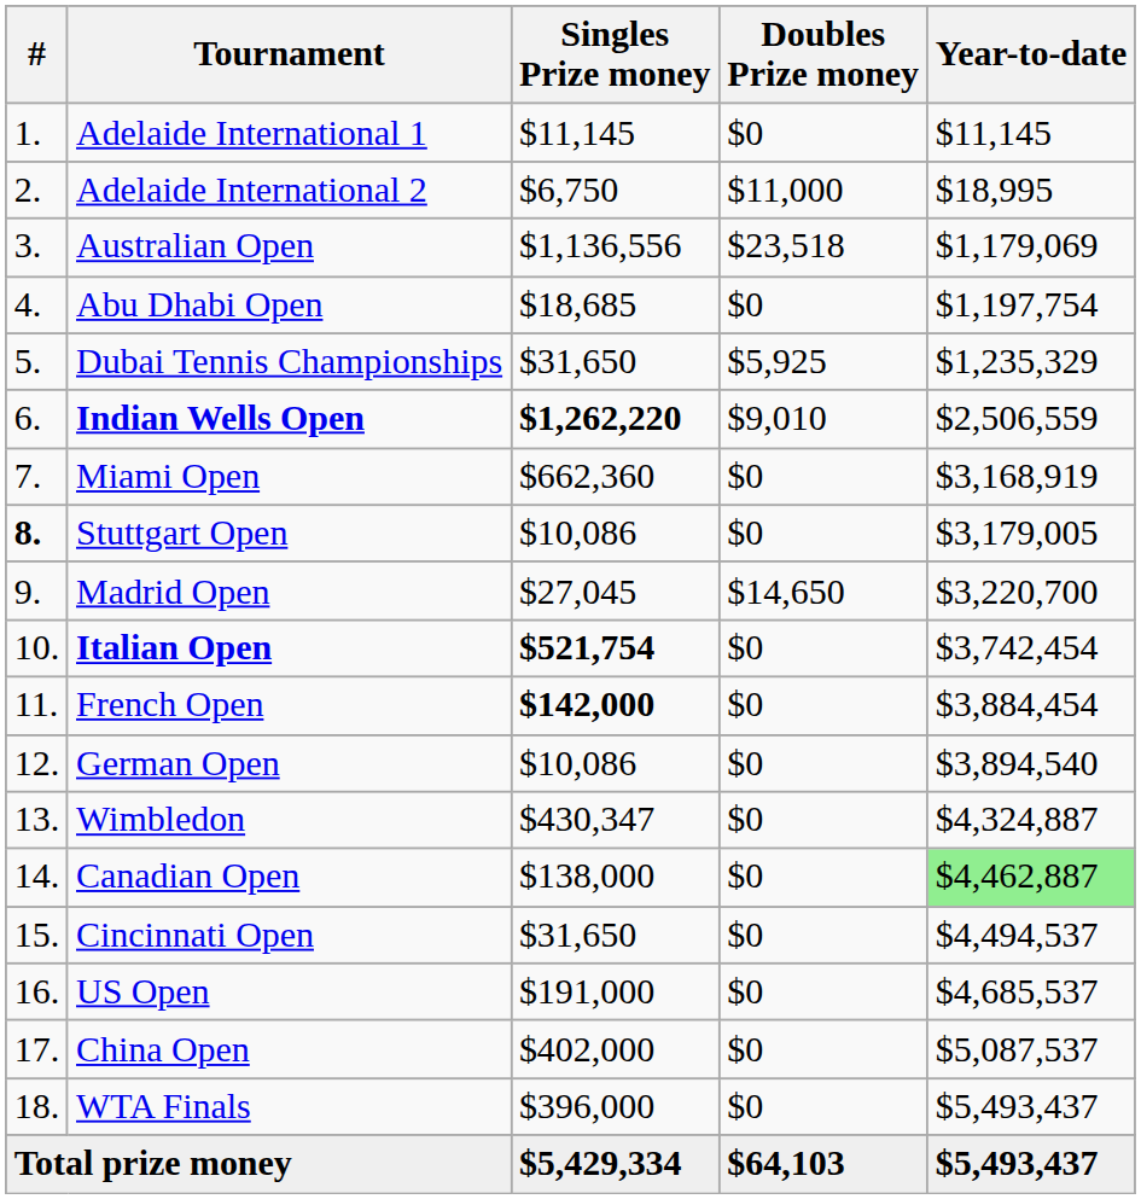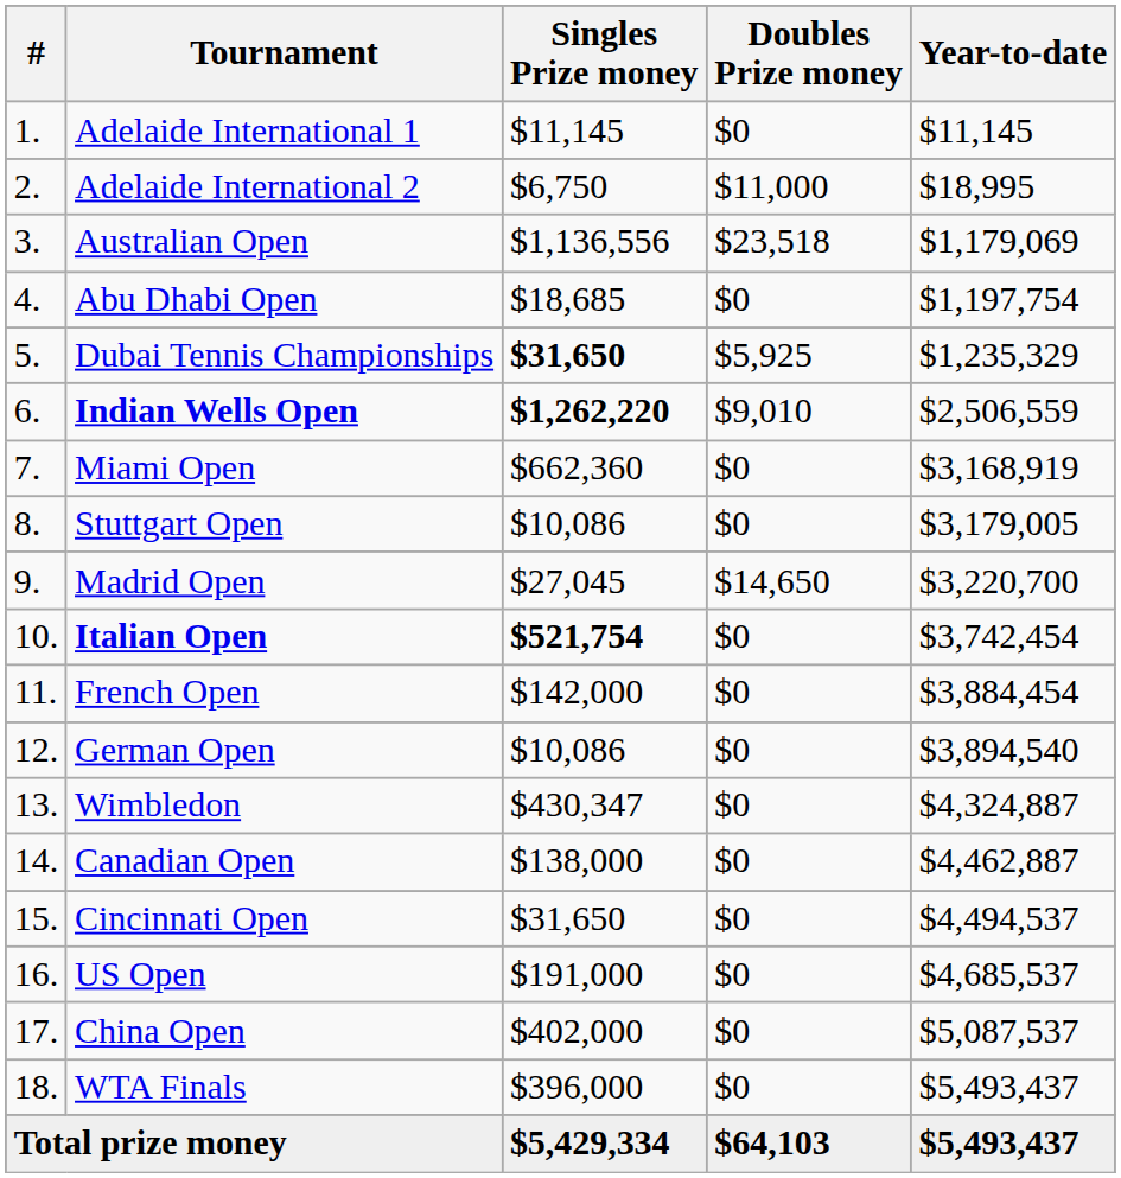 <table class="wikitable sortable">
 <tr>
 <th>#</th>
 <th>Tournament</th>
 <th>Singles<br>Prize money</th>
 <th>Doubles<br>Prize money</th>
 <th>Year-to-date</th>
 </tr>
 <tr>
 <td>1.</td>
 <td><a href='#'>Adelaide International 1</a></td>
 <td>$11,145</td>
 <td>$0</td>
 <td>$11,145</td>
 </tr>
 <tr>
 <td>2.</td>
 <td><a href='#'>Adelaide International 2</a></td>
 <td>$6,750</td>
 <td>$11,000</td>
 <td>$18,995</td>
 </tr>
 <tr>
 <td>3.</td>
 <td><a href='#'>Australian Open</a></td>
 <td>$1,136,556</td>
 <td>$23,518</td>
 <td>$1,179,069</td>
 </tr>
 <tr>
 <td>4.</td>
 <td><a href='#'>Abu Dhabi Open</a></td>
 <td>$18,685</td>
 <td>$0</td>
 <td>$1,197,754</td>
 </tr>
 <tr>
 <td>5.</td>
 <td><a href='#'>Dubai Tennis Championships</a></td>
-<td>$31,650</td>
+<td><strong>$31,650</strong></td>
 <td>$5,925</td>
 <td>$1,235,329</td>
 </tr>
 <tr>
 <td>6.</td>
 <td><strong><a href='#'>Indian Wells Open</a></strong></td>
 <td><strong>$1,262,220</strong></td>
 <td>$9,010</td>
 <td>$2,506,559</td>
 </tr>
 <tr>
 <td>7.</td>
 <td><a href='#'>Miami Open</a></td>
 <td>$662,360</td>
 <td>$0</td>
 <td>$3,168,919</td>
 </tr>
 <tr>
-<td><strong>8.</strong></td>
+<td>8.</td>
 <td><a href='#'>Stuttgart Open</a></td>
 <td>$10,086</td>
 <td>$0</td>
 <td>$3,179,005</td>
 </tr>
 <tr>
 <td>9.</td>
 <td><a href='#'>Madrid Open</a></td>
 <td>$27,045</td>
 <td>$14,650</td>
 <td>$3,220,700</td>
 </tr>
 <tr>
 <td>10.</td>
 <td><strong><a href='#'>Italian Open</a></strong></td>
 <td><strong>$521,754</strong></td>
 <td>$0</td>
 <td>$3,742,454</td>
 </tr>
 <tr>
 <td>11.</td>
 <td><a href='#'>French Open</a></td>
-<td><strong>$142,000</strong></td>
+<td>$142,000</td>
 <td>$0</td>
 <td>$3,884,454</td>
 </tr>
 <tr>
 <td>12.</td>
 <td><a href='#'>German Open</a></td>
 <td>$10,086</td>
 <td>$0</td>
 <td>$3,894,540</td>
 </tr>
 <tr>
 <td>13.</td>
 <td><a href='#'>Wimbledon</a></td>
 <td>$430,347</td>
 <td>$0</td>
 <td>$4,324,887</td>
 </tr>
 <tr>
 <td>14.</td>
 <td><a href='#'>Canadian Open</a></td>
 <td>$138,000</td>
 <td>$0</td>
-<td style="background: lightgreen;">$4,462,887</td>
+<td>$4,462,887</td>
 </tr>
 <tr>
 <td>15.</td>
 <td><a href='#'>Cincinnati Open</a></td>
 <td>$31,650</td>
 <td>$0</td>
 <td>$4,494,537</td>
 </tr>
 <tr>
 <td>16.</td>
 <td><a href='#'>US Open</a></td>
 <td>$191,000</td>
 <td>$0</td>
 <td>$4,685,537</td>
 </tr>
 <tr>
 <td>17.</td>
 <td><a href='#'>China Open</a></td>
 <td>$402,000</td>
 <td>$0</td>
 <td>$5,087,537</td>
 </tr>
 <tr>
 <td>18.</td>
 <td><a href='#'>WTA Finals</a></td>
 <td>$396,000</td>
 <td>$0</td>
 <td>$5,493,437</td>
 </tr>
 <tr style="background:#efefef">
 <td colspan="2"><strong>Total prize money</strong></td>
 <td><strong>$5,429,334</strong></td>
 <td><strong>$64,103</strong></td>
 <td><strong>$5,493,437</strong></td>
 </tr>
 </table>
